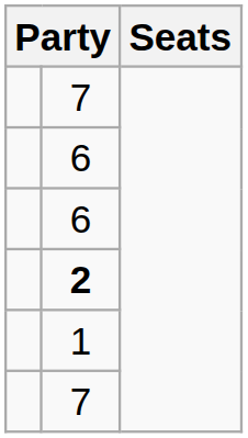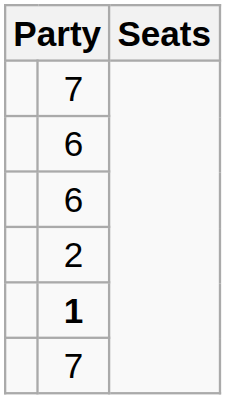 <table class="wikitable" style="font-size: 95%;">
 <tr>
 <th colspan=2>Party</th>
 <th>Seats</th>
 </tr>
 <tr>
 <td></td>
 <td align="center">7</td>
 </tr>
 <tr>
 <td></td>
 <td align="center">6</td>
 </tr>
 <tr>
 <td></td>
 <td align="center">6</td>
 </tr>
 <tr>
 <td></td>
-<td align="center"><strong>2</strong></td>
+<td align="center">2</td>
 </tr>
 <tr>
 <td></td>
-<td align="center">1</td>
+<td align="center"><strong>1</strong></td>
 </tr>
 <tr>
 <td></td>
 <td align="center">7</td>
 </tr>
 </table>
